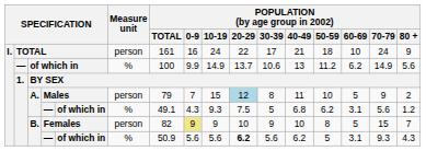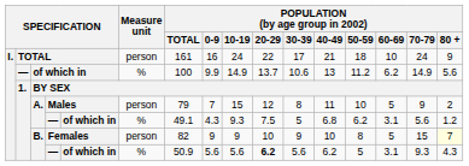 <table class="wikitable" style="font-size:85%; text-align:center">
 <tr>
 <th rowspan="2" colspan="5">SPECIFICATION</th>
 <th rowspan="2">Measure<br> unit</th>
 <th colspan="10" rowspan="1">POPULATION<br> (by age group in 2002)</th>
 </tr>
 <tr>
 <th>TOTAL</th>
 <th>0-9</th>
 <th>10-19</th>
 <th>20-29</th>
 <th>30-39</th>
 <th>40-49</th>
 <th>50-59</th>
 <th>60-69</th>
 <th>70-79</th>
 <th>80 +</th>
 </tr>
 <tr>
 <th style="text-align:left" valign="top" rowspan="7">I.</th>
 <th style="text-align:left" colspan="4">TOTAL</th>
 <td>person</td>
 <td>161</td>
 <td>16</td>
 <td>24</td>
 <td>22</td>
 <td>17</td>
 <td>21</td>
 <td>18</td>
 <td>10</td>
 <td>24</td>
 <td>9</td>
 </tr>
 <tr>
 <th style="text-align:left" valign="top">—</th>
 <th style="text-align:left" colspan="3">of which in</th>
 <td>%</td>
 <td>100</td>
 <td>9.9</td>
 <td>14.9</td>
 <td>13.7</td>
 <td>10.6</td>
 <td>13</td>
 <td>11.2</td>
 <td>6.2</td>
 <td>14.9</td>
 <td>5.6</td>
 </tr>
 <tr>
 <th style="text-align:left" valign="top" rowspan="5">1.</th>
 <th style="text-align:left" colspan="14">BY SEX</th>
 </tr>
 <tr>
 <th style="text-align:left" valign="top" rowspan="2">A.</th>
 <th style="text-align:left" colspan="2">Males</th>
 <td>person</td>
 <td>79</td>
 <td>7</td>
 <td>15</td>
-<td style="background: lightblue;">12</td>
+<td>12</td>
 <td>8</td>
 <td>11</td>
 <td>10</td>
 <td>5</td>
 <td>9</td>
 <td>2</td>
 </tr>
 <tr>
 <th style="text-align:left" valign="top">—</th>
 <th style="text-align:left" colspan="1">of which in</th>
 <td>%</td>
 <td>49.1</td>
 <td>4.3</td>
 <td>9.3</td>
 <td>7.5</td>
 <td>5</td>
 <td>6.8</td>
 <td>6.2</td>
 <td>3.1</td>
 <td>5.6</td>
 <td>1.2</td>
 </tr>
 <tr>
 <th style="text-align:left" valign="top" rowspan="2">B.</th>
 <th style="text-align:left" colspan="2">Females</th>
 <td>person</td>
 <td>82</td>
-<td style="background: khaki;">9</td>
+<td>9</td>
 <td>9</td>
 <td>10</td>
 <td>9</td>
 <td>10</td>
 <td>8</td>
 <td>5</td>
 <td>15</td>
-<td>7</td>
+<td style="background: lightyellow;">7</td>
 </tr>
 <tr>
 <th style="text-align:left" valign="top">—</th>
 <th style="text-align:left" colspan="1">of which in</th>
 <td>%</td>
 <td>50.9</td>
 <td>5.6</td>
 <td>5.6</td>
 <td><strong>6.2</strong></td>
 <td>5.6</td>
 <td>6.2</td>
 <td>5</td>
 <td>3.1</td>
 <td>9.3</td>
 <td>4.3</td>
 </tr>
 </table>
